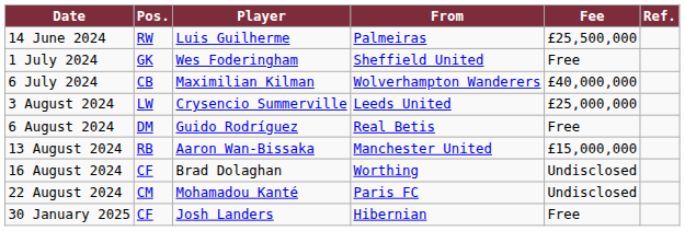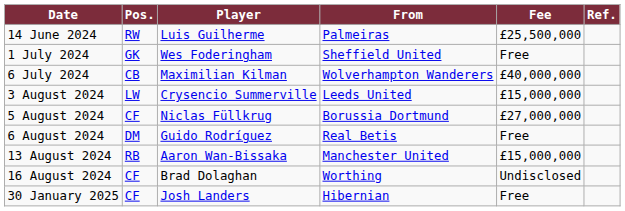 <table class="wikitable plainrowheaders sortable">
 <tr>
 <th style="background:#7C2C3B; color:#FFFFFF; ">Date</th>
 <th style="background:#7C2C3B; color:#FFFFFF; ">Pos.</th>
 <th style="background:#7C2C3B; color:#FFFFFF; ">Player</th>
 <th style="background:#7C2C3B; color:#FFFFFF; ">From</th>
 <th style="background:#7C2C3B; color:#FFFFFF; ">Fee</th>
 <th style="background:#7C2C3B; color:#FFFFFF; ">Ref.</th>
 </tr>
 <tr>
 <td>14 June 2024</td>
 <td><a href='#'>RW</a></td>
 <td> <a href='#'>Luis Guilherme</a></td>
 <td> <a href='#'>Palmeiras</a></td>
 <td>£25,500,000</td>
 <td></td>
 </tr>
 <tr>
 <td>1 July 2024</td>
 <td><a href='#'>GK</a></td>
 <td> <a href='#'>Wes Foderingham</a></td>
 <td> <a href='#'>Sheffield United</a></td>
 <td>Free</td>
 <td></td>
 </tr>
 <tr>
 <td>6 July 2024</td>
 <td><a href='#'>CB</a></td>
 <td> <a href='#'>Maximilian Kilman</a></td>
 <td> <a href='#'>Wolverhampton Wanderers</a></td>
 <td>£40,000,000</td>
 <td></td>
 </tr>
 <tr>
 <td>3 August 2024</td>
 <td><a href='#'>LW</a></td>
 <td> <a href='#'>Crysencio Summerville</a></td>
 <td> <a href='#'>Leeds United</a></td>
-<td>£25,000,000</td>
+<td>£15,000,000</td>
+<td></td>
+</tr>
+<tr>
+<td>5 August 2024</td>
+<td><a href='#'>CF</a></td>
+<td> <a href='#'>Niclas Füllkrug</a></td>
+<td> <a href='#'>Borussia Dortmund</a></td>
+<td>£27,000,000</td>
 <td></td>
 </tr>
 <tr>
 <td>6 August 2024</td>
 <td><a href='#'>DM</a></td>
 <td> <a href='#'>Guido Rodríguez</a></td>
 <td> <a href='#'>Real Betis</a></td>
 <td>Free</td>
 <td></td>
 </tr>
 <tr>
 <td>13 August 2024</td>
 <td><a href='#'>RB</a></td>
 <td> <a href='#'>Aaron Wan-Bissaka</a></td>
 <td> <a href='#'>Manchester United</a></td>
 <td>£15,000,000</td>
 <td></td>
 </tr>
 <tr>
 <td>16 August 2024</td>
 <td><a href='#'>CF</a></td>
 <td> Brad Dolaghan</td>
 <td> <a href='#'>Worthing</a></td>
 <td>Undisclosed</td>
 <td></td>
 </tr>
 <tr>
-<td>22 August 2024</td>
-<td><a href='#'>CM</a></td>
-<td> <a href='#'>Mohamadou Kanté</a></td>
-<td> <a href='#'>Paris FC</a></td>
-<td>Undisclosed</td>
-<td></td>
-</tr>
-<tr>
 <td>30 January 2025</td>
 <td><a href='#'>CF</a></td>
 <td> <a href='#'>Josh Landers</a></td>
 <td> <a href='#'>Hibernian</a></td>
 <td>Free</td>
 <td></td>
 </tr>
 </table>
